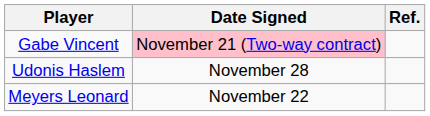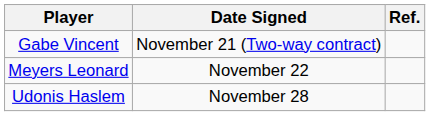 <table class="wikitable sortable sortable" style="text-align: center;">
 <tr>
 <th>Player</th>
 <th>Date Signed</th>
 <th>Ref.</th>
 </tr>
 <tr>
 <td><a href='#'>Gabe Vincent</a></td>
-<td style="background: pink;">November 21 (<a href='#'>Two-way contract</a>)</td>
+<td>November 21 (<a href='#'>Two-way contract</a>)</td>
+<td></td>
+</tr>
+<tr>
+<td><a href='#'>Meyers Leonard</a></td>
+<td>November 22</td>
 <td></td>
 </tr>
 <tr>
 <td><a href='#'>Udonis Haslem</a></td>
 <td>November 28</td>
 <td></td>
 </tr>
-<tr>
-<td><a href='#'>Meyers Leonard</a></td>
-<td>November 22</td>
-<td></td>
-</tr>
 </table>
